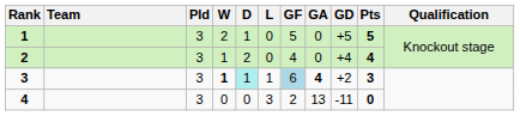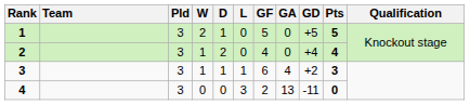 <table class="wikitable" style="text-align: center;">
 <tr>
 <th width=30>Rank</th>
 <th width=165 style="text-align:left;">Team</th>
 <th width=20>Pld</th>
 <th width=20>W</th>
 <th width=20>D</th>
 <th width=20>L</th>
 <th width=20>GF</th>
 <th width=20>GA</th>
 <th width=20>GD</th>
 <th width=20>Pts</th>
 <th width=150>Qualification</th>
 </tr>
 <tr bgcolor= #D0F0C0>
 <td><strong>1</strong></td>
 <td style="text-align:left;"></td>
 <td>3</td>
 <td>2</td>
 <td>1</td>
 <td>0</td>
 <td>5</td>
 <td>0</td>
 <td>+5</td>
 <td><strong>5</strong></td>
 <td rowspan=2>Knockout stage</td>
 </tr>
 <tr bgcolor= #D0F0C0>
 <td><strong>2</strong></td>
 <td style="text-align:left;"></td>
 <td>3</td>
 <td>1</td>
 <td>2</td>
 <td>0</td>
 <td>4</td>
 <td>0</td>
 <td>+4</td>
 <td><strong>4</strong></td>
 </tr>
 <tr>
 <td><strong>3</strong></td>
 <td style="text-align:left;"></td>
 <td>3</td>
-<td><strong>1</strong></td>
-<td style="background: paleturquoise;">1</td>
 <td>1</td>
-<td style="background: lightblue;">6</td>
-<td><strong>4</strong></td>
+<td>1</td>
+<td>1</td>
+<td>6</td>
+<td>4</td>
 <td>+2</td>
 <td><strong>3</strong></td>
 </tr>
 <tr>
 <td><strong>4</strong></td>
 <td style="text-align:left;"></td>
 <td>3</td>
 <td>0</td>
 <td>0</td>
 <td>3</td>
 <td>2</td>
 <td>13</td>
 <td>-11</td>
 <td><strong>0</strong></td>
 </tr>
 </table>
